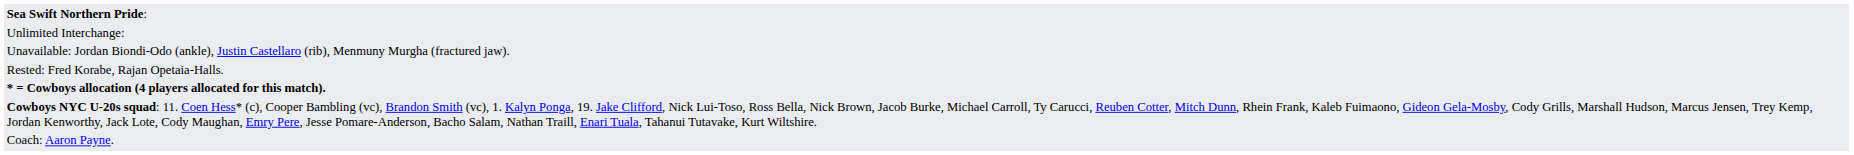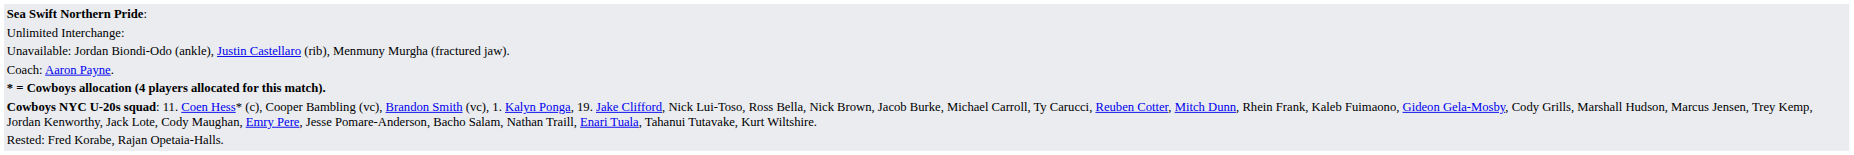 <table style="background:#eaecf0; font-size:85%; width:100%;">
 <tr>
 <td><strong>Sea Swift Northern Pride</strong>:             </td>
 </tr>
 <tr>
 <td>Unlimited Interchange:  <br>  </td>
 </tr>
 <tr>
 <td>Unavailable: Jordan Biondi-Odo (ankle), <a href='#'>Justin Castellaro</a> (rib), Menmuny Murgha (fractured jaw).</td>
 </tr>
 <tr>
-<td>Rested: Fred Korabe, Rajan Opetaia-Halls.</td>
+<td>Coach: <a href='#'>Aaron Payne</a>.</td>
 </tr>
 <tr>
 <td><strong>* = Cowboys allocation (4 players allocated for this match).</strong></td>
 </tr>
 <tr>
 <td><strong>Cowboys NYC U-20s squad</strong>: 11. <a href='#'>Coen Hess</a>* (c), Cooper Bambling (vc), <a href='#'>Brandon Smith</a> (vc), 1. <a href='#'>Kalyn Ponga</a>, 19. <a href='#'>Jake Clifford</a>, Nick Lui-Toso, Ross Bella, Nick Brown, Jacob Burke, Michael Carroll, Ty Carucci, <a href='#'>Reuben Cotter</a>, <a href='#'>Mitch Dunn</a>, Rhein Frank, Kaleb Fuimaono, <a href='#'>Gideon Gela-Mosby</a>, Cody Grills, Marshall Hudson, Marcus Jensen, Trey Kemp, Jordan Kenworthy, Jack Lote, Cody Maughan, <a href='#'>Emry Pere</a>, Jesse Pomare-Anderson, Bacho Salam, Nathan Traill, <a href='#'>Enari Tuala</a>, Tahanui Tutavake, Kurt Wiltshire.</td>
 </tr>
 <tr>
-<td>Coach: <a href='#'>Aaron Payne</a>.</td>
+<td>Rested: Fred Korabe, Rajan Opetaia-Halls.</td>
 </tr>
 </table>
